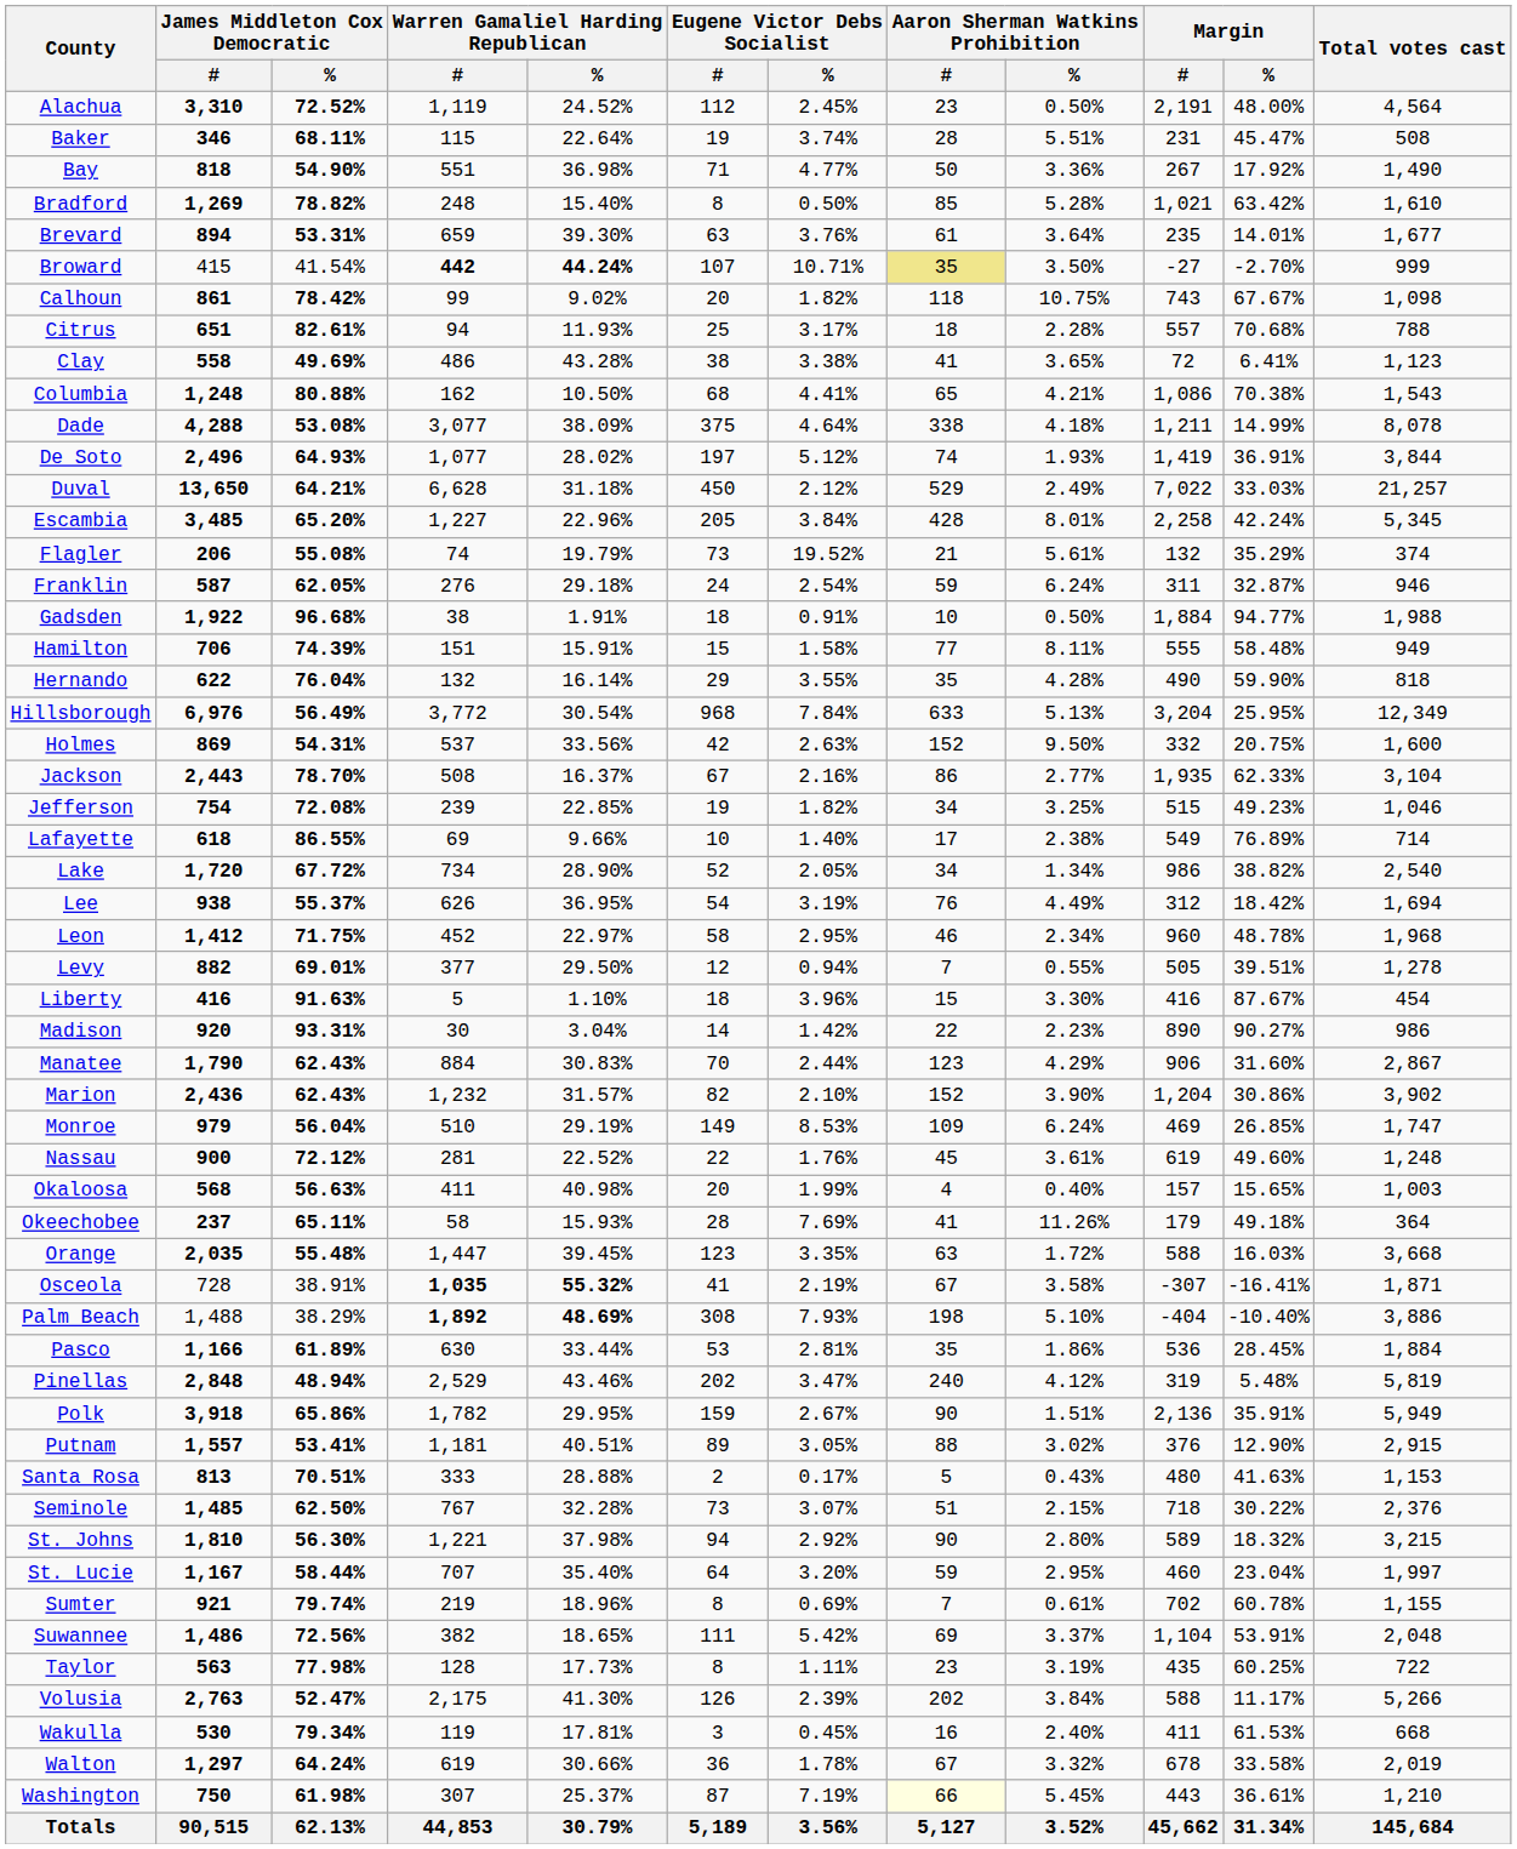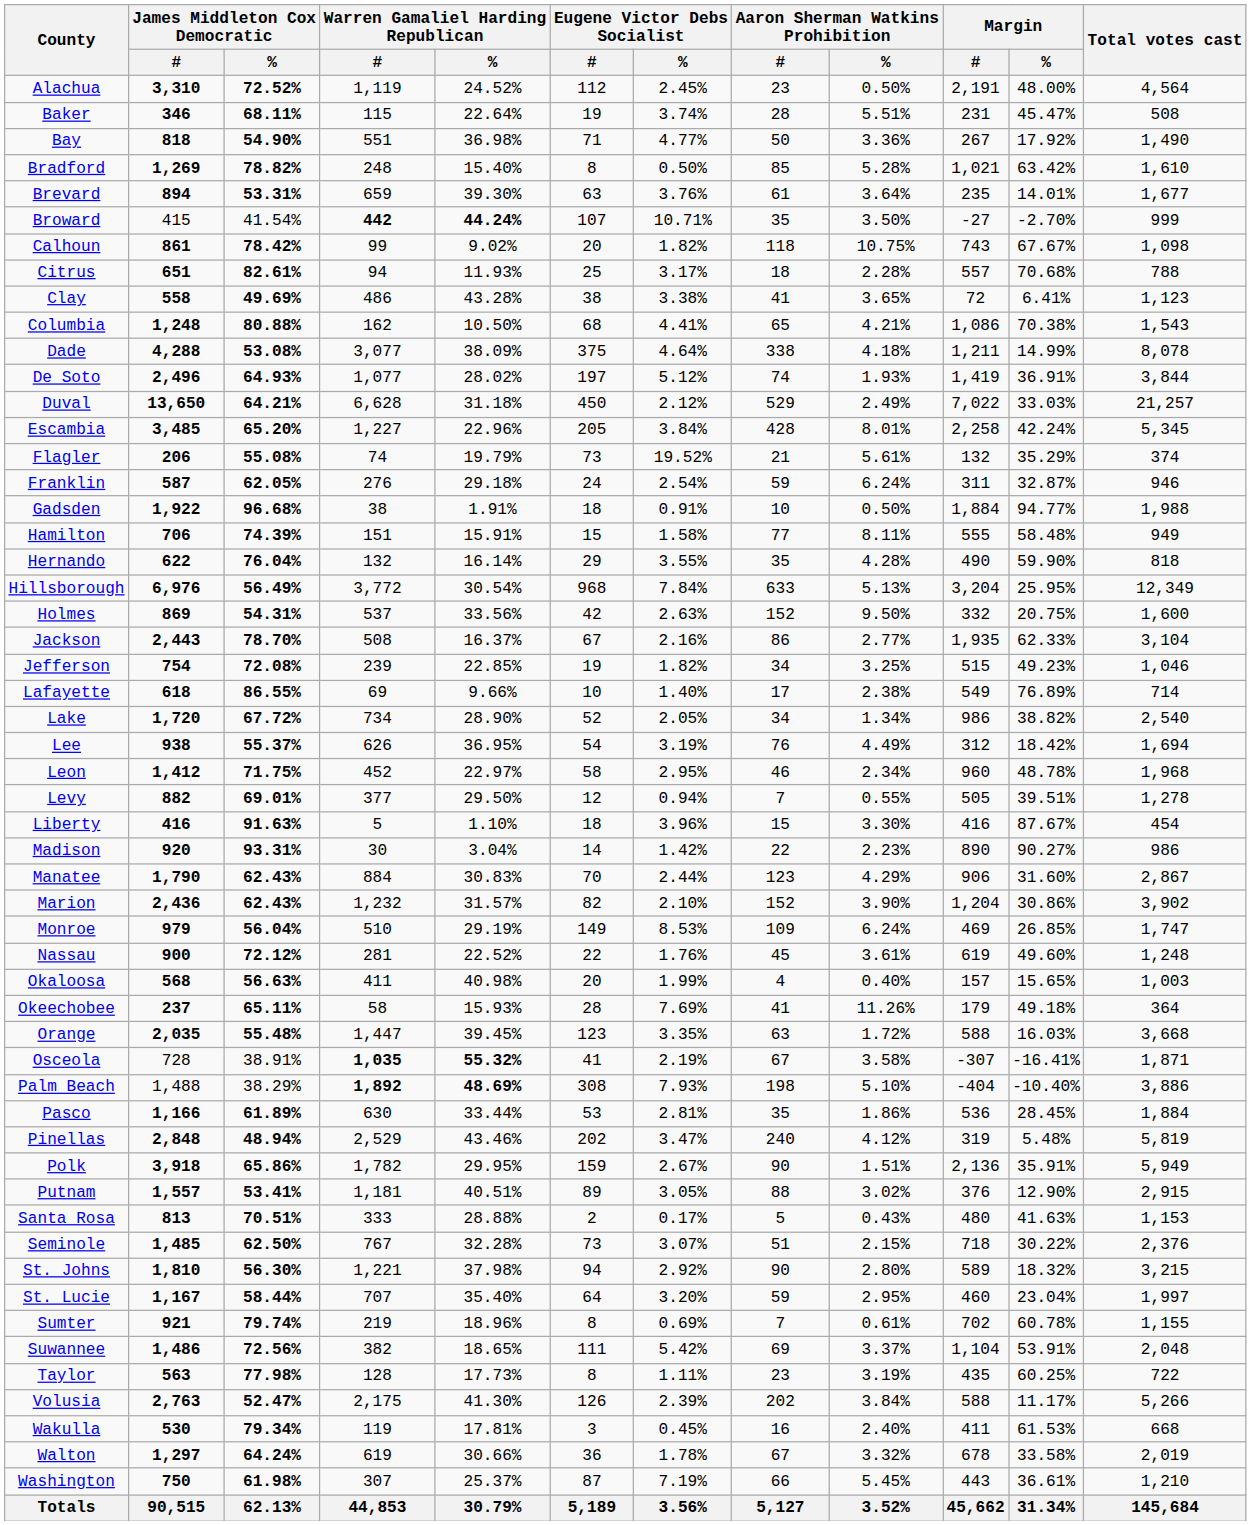 <table class="wikitable sortable">
 <tr>
 <th rowspan="2">County</th>
 <th colspan="2">James Middleton Cox<br>Democratic</th>
 <th colspan="2">Warren Gamaliel Harding<br>Republican</th>
 <th colspan="2">Eugene Victor Debs<br>Socialist</th>
 <th colspan="2">Aaron Sherman Watkins<br>Prohibition</th>
 <th colspan="2">Margin</th>
 <th rowspan="2">Total votes cast</th>
 </tr>
 <tr bgcolor="lightgrey">
 <th data-sort-type="number">#</th>
 <th data-sort-type="number">%</th>
 <th data-sort-type="number">#</th>
 <th data-sort-type="number">%</th>
 <th data-sort-type="number">#</th>
 <th data-sort-type="number">%</th>
 <th data-sort-type="number">#</th>
 <th data-sort-type="number">%</th>
 <th data-sort-type="number">#</th>
 <th data-sort-type="number">%</th>
 </tr>
 <tr style="text-align:center;">
 <td><a href='#'>Alachua</a></td>
 <td><strong>3,310</strong></td>
 <td><strong>72.52%</strong></td>
 <td>1,119</td>
 <td>24.52%</td>
 <td>112</td>
 <td>2.45%</td>
 <td>23</td>
 <td>0.50%</td>
 <td>2,191</td>
 <td>48.00%</td>
 <td>4,564</td>
 </tr>
 <tr style="text-align:center;">
 <td><a href='#'>Baker</a></td>
 <td><strong>346</strong></td>
 <td><strong>68.11%</strong></td>
 <td>115</td>
 <td>22.64%</td>
 <td>19</td>
 <td>3.74%</td>
 <td>28</td>
 <td>5.51%</td>
 <td>231</td>
 <td>45.47%</td>
 <td>508</td>
 </tr>
 <tr style="text-align:center;">
 <td><a href='#'>Bay</a></td>
 <td><strong>818</strong></td>
 <td><strong>54.90%</strong></td>
 <td>551</td>
 <td>36.98%</td>
 <td>71</td>
 <td>4.77%</td>
 <td>50</td>
 <td>3.36%</td>
 <td>267</td>
 <td>17.92%</td>
 <td>1,490</td>
 </tr>
 <tr style="text-align:center;">
 <td><a href='#'>Bradford</a></td>
 <td><strong>1,269</strong></td>
 <td><strong>78.82%</strong></td>
 <td>248</td>
 <td>15.40%</td>
 <td>8</td>
 <td>0.50%</td>
 <td>85</td>
 <td>5.28%</td>
 <td>1,021</td>
 <td>63.42%</td>
 <td>1,610</td>
 </tr>
 <tr style="text-align:center;">
 <td><a href='#'>Brevard</a></td>
 <td><strong>894</strong></td>
 <td><strong>53.31%</strong></td>
 <td>659</td>
 <td>39.30%</td>
 <td>63</td>
 <td>3.76%</td>
 <td>61</td>
 <td>3.64%</td>
 <td>235</td>
 <td>14.01%</td>
 <td>1,677</td>
 </tr>
 <tr style="text-align:center;">
 <td><a href='#'>Broward</a></td>
 <td>415</td>
 <td>41.54%</td>
 <td><strong>442</strong></td>
 <td><strong>44.24%</strong></td>
 <td>107</td>
 <td>10.71%</td>
-<td style="background: khaki;">35</td>
+<td>35</td>
 <td>3.50%</td>
 <td>-27</td>
 <td>-2.70%</td>
 <td>999</td>
 </tr>
 <tr style="text-align:center;">
 <td><a href='#'>Calhoun</a></td>
 <td><strong>861</strong></td>
 <td><strong>78.42%</strong></td>
 <td>99</td>
 <td>9.02%</td>
 <td>20</td>
 <td>1.82%</td>
 <td>118</td>
 <td>10.75%</td>
 <td>743</td>
 <td>67.67%</td>
 <td>1,098</td>
 </tr>
 <tr style="text-align:center;">
 <td><a href='#'>Citrus</a></td>
 <td><strong>651</strong></td>
 <td><strong>82.61%</strong></td>
 <td>94</td>
 <td>11.93%</td>
 <td>25</td>
 <td>3.17%</td>
 <td>18</td>
 <td>2.28%</td>
 <td>557</td>
 <td>70.68%</td>
 <td>788</td>
 </tr>
 <tr style="text-align:center;">
 <td><a href='#'>Clay</a></td>
 <td><strong>558</strong></td>
 <td><strong>49.69%</strong></td>
 <td>486</td>
 <td>43.28%</td>
 <td>38</td>
 <td>3.38%</td>
 <td>41</td>
 <td>3.65%</td>
 <td>72</td>
 <td>6.41%</td>
 <td>1,123</td>
 </tr>
 <tr style="text-align:center;">
 <td><a href='#'>Columbia</a></td>
 <td><strong>1,248</strong></td>
 <td><strong>80.88%</strong></td>
 <td>162</td>
 <td>10.50%</td>
 <td>68</td>
 <td>4.41%</td>
 <td>65</td>
 <td>4.21%</td>
 <td>1,086</td>
 <td>70.38%</td>
 <td>1,543</td>
 </tr>
 <tr style="text-align:center;">
 <td><a href='#'>Dade</a></td>
 <td><strong>4,288</strong></td>
 <td><strong>53.08%</strong></td>
 <td>3,077</td>
 <td>38.09%</td>
 <td>375</td>
 <td>4.64%</td>
 <td>338</td>
 <td>4.18%</td>
 <td>1,211</td>
 <td>14.99%</td>
 <td>8,078</td>
 </tr>
 <tr style="text-align:center;">
 <td><a href='#'>De Soto</a></td>
 <td><strong>2,496</strong></td>
 <td><strong>64.93%</strong></td>
 <td>1,077</td>
 <td>28.02%</td>
 <td>197</td>
 <td>5.12%</td>
 <td>74</td>
 <td>1.93%</td>
 <td>1,419</td>
 <td>36.91%</td>
 <td>3,844</td>
 </tr>
 <tr style="text-align:center;">
 <td><a href='#'>Duval</a></td>
 <td><strong>13,650</strong></td>
 <td><strong>64.21%</strong></td>
 <td>6,628</td>
 <td>31.18%</td>
 <td>450</td>
 <td>2.12%</td>
 <td>529</td>
 <td>2.49%</td>
 <td>7,022</td>
 <td>33.03%</td>
 <td>21,257</td>
 </tr>
 <tr style="text-align:center;">
 <td><a href='#'>Escambia</a></td>
 <td><strong>3,485</strong></td>
 <td><strong>65.20%</strong></td>
 <td>1,227</td>
 <td>22.96%</td>
 <td>205</td>
 <td>3.84%</td>
 <td>428</td>
 <td>8.01%</td>
 <td>2,258</td>
 <td>42.24%</td>
 <td>5,345</td>
 </tr>
 <tr style="text-align:center;">
 <td><a href='#'>Flagler</a></td>
 <td><strong>206</strong></td>
 <td><strong>55.08%</strong></td>
 <td>74</td>
 <td>19.79%</td>
 <td>73</td>
 <td>19.52%</td>
 <td>21</td>
 <td>5.61%</td>
 <td>132</td>
 <td>35.29%</td>
 <td>374</td>
 </tr>
 <tr style="text-align:center;">
 <td><a href='#'>Franklin</a></td>
 <td><strong>587</strong></td>
 <td><strong>62.05%</strong></td>
 <td>276</td>
 <td>29.18%</td>
 <td>24</td>
 <td>2.54%</td>
 <td>59</td>
 <td>6.24%</td>
 <td>311</td>
 <td>32.87%</td>
 <td>946</td>
 </tr>
 <tr style="text-align:center;">
 <td><a href='#'>Gadsden</a></td>
 <td><strong>1,922</strong></td>
 <td><strong>96.68%</strong></td>
 <td>38</td>
 <td>1.91%</td>
 <td>18</td>
 <td>0.91%</td>
 <td>10</td>
 <td>0.50%</td>
 <td>1,884</td>
 <td>94.77%</td>
 <td>1,988</td>
 </tr>
 <tr style="text-align:center;">
 <td><a href='#'>Hamilton</a></td>
 <td><strong>706</strong></td>
 <td><strong>74.39%</strong></td>
 <td>151</td>
 <td>15.91%</td>
 <td>15</td>
 <td>1.58%</td>
 <td>77</td>
 <td>8.11%</td>
 <td>555</td>
 <td>58.48%</td>
 <td>949</td>
 </tr>
 <tr style="text-align:center;">
 <td><a href='#'>Hernando</a></td>
 <td><strong>622</strong></td>
 <td><strong>76.04%</strong></td>
 <td>132</td>
 <td>16.14%</td>
 <td>29</td>
 <td>3.55%</td>
 <td>35</td>
 <td>4.28%</td>
 <td>490</td>
 <td>59.90%</td>
 <td>818</td>
 </tr>
 <tr style="text-align:center;">
 <td><a href='#'>Hillsborough</a></td>
 <td><strong>6,976</strong></td>
 <td><strong>56.49%</strong></td>
 <td>3,772</td>
 <td>30.54%</td>
 <td>968</td>
 <td>7.84%</td>
 <td>633</td>
 <td>5.13%</td>
 <td>3,204</td>
 <td>25.95%</td>
 <td>12,349</td>
 </tr>
 <tr style="text-align:center;">
 <td><a href='#'>Holmes</a></td>
 <td><strong>869</strong></td>
 <td><strong>54.31%</strong></td>
 <td>537</td>
 <td>33.56%</td>
 <td>42</td>
 <td>2.63%</td>
 <td>152</td>
 <td>9.50%</td>
 <td>332</td>
 <td>20.75%</td>
 <td>1,600</td>
 </tr>
 <tr style="text-align:center;">
 <td><a href='#'>Jackson</a></td>
 <td><strong>2,443</strong></td>
 <td><strong>78.70%</strong></td>
 <td>508</td>
 <td>16.37%</td>
 <td>67</td>
 <td>2.16%</td>
 <td>86</td>
 <td>2.77%</td>
 <td>1,935</td>
 <td>62.33%</td>
 <td>3,104</td>
 </tr>
 <tr style="text-align:center;">
 <td><a href='#'>Jefferson</a></td>
 <td><strong>754</strong></td>
 <td><strong>72.08%</strong></td>
 <td>239</td>
 <td>22.85%</td>
 <td>19</td>
 <td>1.82%</td>
 <td>34</td>
 <td>3.25%</td>
 <td>515</td>
 <td>49.23%</td>
 <td>1,046</td>
 </tr>
 <tr style="text-align:center;">
 <td><a href='#'>Lafayette</a></td>
 <td><strong>618</strong></td>
 <td><strong>86.55%</strong></td>
 <td>69</td>
 <td>9.66%</td>
 <td>10</td>
 <td>1.40%</td>
 <td>17</td>
 <td>2.38%</td>
 <td>549</td>
 <td>76.89%</td>
 <td>714</td>
 </tr>
 <tr style="text-align:center;">
 <td><a href='#'>Lake</a></td>
 <td><strong>1,720</strong></td>
 <td><strong>67.72%</strong></td>
 <td>734</td>
 <td>28.90%</td>
 <td>52</td>
 <td>2.05%</td>
 <td>34</td>
 <td>1.34%</td>
 <td>986</td>
 <td>38.82%</td>
 <td>2,540</td>
 </tr>
 <tr style="text-align:center;">
 <td><a href='#'>Lee</a></td>
 <td><strong>938</strong></td>
 <td><strong>55.37%</strong></td>
 <td>626</td>
 <td>36.95%</td>
 <td>54</td>
 <td>3.19%</td>
 <td>76</td>
 <td>4.49%</td>
 <td>312</td>
 <td>18.42%</td>
 <td>1,694</td>
 </tr>
 <tr style="text-align:center;">
 <td><a href='#'>Leon</a></td>
 <td><strong>1,412</strong></td>
 <td><strong>71.75%</strong></td>
 <td>452</td>
 <td>22.97%</td>
 <td>58</td>
 <td>2.95%</td>
 <td>46</td>
 <td>2.34%</td>
 <td>960</td>
 <td>48.78%</td>
 <td>1,968</td>
 </tr>
 <tr style="text-align:center;">
 <td><a href='#'>Levy</a></td>
 <td><strong>882</strong></td>
 <td><strong>69.01%</strong></td>
 <td>377</td>
 <td>29.50%</td>
 <td>12</td>
 <td>0.94%</td>
 <td>7</td>
 <td>0.55%</td>
 <td>505</td>
 <td>39.51%</td>
 <td>1,278</td>
 </tr>
 <tr style="text-align:center;">
 <td><a href='#'>Liberty</a></td>
 <td><strong>416</strong></td>
 <td><strong>91.63%</strong></td>
 <td>5</td>
 <td>1.10%</td>
 <td>18</td>
 <td>3.96%</td>
 <td>15</td>
 <td>3.30%</td>
 <td>416</td>
 <td>87.67%</td>
 <td>454</td>
 </tr>
 <tr style="text-align:center;">
 <td><a href='#'>Madison</a></td>
 <td><strong>920</strong></td>
 <td><strong>93.31%</strong></td>
 <td>30</td>
 <td>3.04%</td>
 <td>14</td>
 <td>1.42%</td>
 <td>22</td>
 <td>2.23%</td>
 <td>890</td>
 <td>90.27%</td>
 <td>986</td>
 </tr>
 <tr style="text-align:center;">
 <td><a href='#'>Manatee</a></td>
 <td><strong>1,790</strong></td>
 <td><strong>62.43%</strong></td>
 <td>884</td>
 <td>30.83%</td>
 <td>70</td>
 <td>2.44%</td>
 <td>123</td>
 <td>4.29%</td>
 <td>906</td>
 <td>31.60%</td>
 <td>2,867</td>
 </tr>
 <tr style="text-align:center;">
 <td><a href='#'>Marion</a></td>
 <td><strong>2,436</strong></td>
 <td><strong>62.43%</strong></td>
 <td>1,232</td>
 <td>31.57%</td>
 <td>82</td>
 <td>2.10%</td>
 <td>152</td>
 <td>3.90%</td>
 <td>1,204</td>
 <td>30.86%</td>
 <td>3,902</td>
 </tr>
 <tr style="text-align:center;">
 <td><a href='#'>Monroe</a></td>
 <td><strong>979</strong></td>
 <td><strong>56.04%</strong></td>
 <td>510</td>
 <td>29.19%</td>
 <td>149</td>
 <td>8.53%</td>
 <td>109</td>
 <td>6.24%</td>
 <td>469</td>
 <td>26.85%</td>
 <td>1,747</td>
 </tr>
 <tr style="text-align:center;">
 <td><a href='#'>Nassau</a></td>
 <td><strong>900</strong></td>
 <td><strong>72.12%</strong></td>
 <td>281</td>
 <td>22.52%</td>
 <td>22</td>
 <td>1.76%</td>
 <td>45</td>
 <td>3.61%</td>
 <td>619</td>
 <td>49.60%</td>
 <td>1,248</td>
 </tr>
 <tr style="text-align:center;">
 <td><a href='#'>Okaloosa</a></td>
 <td><strong>568</strong></td>
 <td><strong>56.63%</strong></td>
 <td>411</td>
 <td>40.98%</td>
 <td>20</td>
 <td>1.99%</td>
 <td>4</td>
 <td>0.40%</td>
 <td>157</td>
 <td>15.65%</td>
 <td>1,003</td>
 </tr>
 <tr style="text-align:center;">
 <td><a href='#'>Okeechobee</a></td>
 <td><strong>237</strong></td>
 <td><strong>65.11%</strong></td>
 <td>58</td>
 <td>15.93%</td>
 <td>28</td>
 <td>7.69%</td>
 <td>41</td>
 <td>11.26%</td>
 <td>179</td>
 <td>49.18%</td>
 <td>364</td>
 </tr>
 <tr style="text-align:center;">
 <td><a href='#'>Orange</a></td>
 <td><strong>2,035</strong></td>
 <td><strong>55.48%</strong></td>
 <td>1,447</td>
 <td>39.45%</td>
 <td>123</td>
 <td>3.35%</td>
 <td>63</td>
 <td>1.72%</td>
 <td>588</td>
 <td>16.03%</td>
 <td>3,668</td>
 </tr>
 <tr style="text-align:center;">
 <td><a href='#'>Osceola</a></td>
 <td>728</td>
 <td>38.91%</td>
 <td><strong>1,035</strong></td>
 <td><strong>55.32%</strong></td>
 <td>41</td>
 <td>2.19%</td>
 <td>67</td>
 <td>3.58%</td>
 <td>-307</td>
 <td>-16.41%</td>
 <td>1,871</td>
 </tr>
 <tr style="text-align:center;">
 <td><a href='#'>Palm Beach</a></td>
 <td>1,488</td>
 <td>38.29%</td>
 <td><strong>1,892</strong></td>
 <td><strong>48.69%</strong></td>
 <td>308</td>
 <td>7.93%</td>
 <td>198</td>
 <td>5.10%</td>
 <td>-404</td>
 <td>-10.40%</td>
 <td>3,886</td>
 </tr>
 <tr style="text-align:center;">
 <td><a href='#'>Pasco</a></td>
 <td><strong>1,166</strong></td>
 <td><strong>61.89%</strong></td>
 <td>630</td>
 <td>33.44%</td>
 <td>53</td>
 <td>2.81%</td>
 <td>35</td>
 <td>1.86%</td>
 <td>536</td>
 <td>28.45%</td>
 <td>1,884</td>
 </tr>
 <tr style="text-align:center;">
 <td><a href='#'>Pinellas</a></td>
 <td><strong>2,848</strong></td>
 <td><strong>48.94%</strong></td>
 <td>2,529</td>
 <td>43.46%</td>
 <td>202</td>
 <td>3.47%</td>
 <td>240</td>
 <td>4.12%</td>
 <td>319</td>
 <td>5.48%</td>
 <td>5,819</td>
 </tr>
 <tr style="text-align:center;">
 <td><a href='#'>Polk</a></td>
 <td><strong>3,918</strong></td>
 <td><strong>65.86%</strong></td>
 <td>1,782</td>
 <td>29.95%</td>
 <td>159</td>
 <td>2.67%</td>
 <td>90</td>
 <td>1.51%</td>
 <td>2,136</td>
 <td>35.91%</td>
 <td>5,949</td>
 </tr>
 <tr style="text-align:center;">
 <td><a href='#'>Putnam</a></td>
 <td><strong>1,557</strong></td>
 <td><strong>53.41%</strong></td>
 <td>1,181</td>
 <td>40.51%</td>
 <td>89</td>
 <td>3.05%</td>
 <td>88</td>
 <td>3.02%</td>
 <td>376</td>
 <td>12.90%</td>
 <td>2,915</td>
 </tr>
 <tr style="text-align:center;">
 <td><a href='#'>Santa Rosa</a></td>
 <td><strong>813</strong></td>
 <td><strong>70.51%</strong></td>
 <td>333</td>
 <td>28.88%</td>
 <td>2</td>
 <td>0.17%</td>
 <td>5</td>
 <td>0.43%</td>
 <td>480</td>
 <td>41.63%</td>
 <td>1,153</td>
 </tr>
 <tr style="text-align:center;">
 <td><a href='#'>Seminole</a></td>
 <td><strong>1,485</strong></td>
 <td><strong>62.50%</strong></td>
 <td>767</td>
 <td>32.28%</td>
 <td>73</td>
 <td>3.07%</td>
 <td>51</td>
 <td>2.15%</td>
 <td>718</td>
 <td>30.22%</td>
 <td>2,376</td>
 </tr>
 <tr style="text-align:center;">
 <td><a href='#'>St. Johns</a></td>
 <td><strong>1,810</strong></td>
 <td><strong>56.30%</strong></td>
 <td>1,221</td>
 <td>37.98%</td>
 <td>94</td>
 <td>2.92%</td>
 <td>90</td>
 <td>2.80%</td>
 <td>589</td>
 <td>18.32%</td>
 <td>3,215</td>
 </tr>
 <tr style="text-align:center;">
 <td><a href='#'>St. Lucie</a></td>
 <td><strong>1,167</strong></td>
 <td><strong>58.44%</strong></td>
 <td>707</td>
 <td>35.40%</td>
 <td>64</td>
 <td>3.20%</td>
 <td>59</td>
 <td>2.95%</td>
 <td>460</td>
 <td>23.04%</td>
 <td>1,997</td>
 </tr>
 <tr style="text-align:center;">
 <td><a href='#'>Sumter</a></td>
 <td><strong>921</strong></td>
 <td><strong>79.74%</strong></td>
 <td>219</td>
 <td>18.96%</td>
 <td>8</td>
 <td>0.69%</td>
 <td>7</td>
 <td>0.61%</td>
 <td>702</td>
 <td>60.78%</td>
 <td>1,155</td>
 </tr>
 <tr style="text-align:center;">
 <td><a href='#'>Suwannee</a></td>
 <td><strong>1,486</strong></td>
 <td><strong>72.56%</strong></td>
 <td>382</td>
 <td>18.65%</td>
 <td>111</td>
 <td>5.42%</td>
 <td>69</td>
 <td>3.37%</td>
 <td>1,104</td>
 <td>53.91%</td>
 <td>2,048</td>
 </tr>
 <tr style="text-align:center;">
 <td><a href='#'>Taylor</a></td>
 <td><strong>563</strong></td>
 <td><strong>77.98%</strong></td>
 <td>128</td>
 <td>17.73%</td>
 <td>8</td>
 <td>1.11%</td>
 <td>23</td>
 <td>3.19%</td>
 <td>435</td>
 <td>60.25%</td>
 <td>722</td>
 </tr>
 <tr style="text-align:center;">
 <td><a href='#'>Volusia</a></td>
 <td><strong>2,763</strong></td>
 <td><strong>52.47%</strong></td>
 <td>2,175</td>
 <td>41.30%</td>
 <td>126</td>
 <td>2.39%</td>
 <td>202</td>
 <td>3.84%</td>
 <td>588</td>
 <td>11.17%</td>
 <td>5,266</td>
 </tr>
 <tr style="text-align:center;">
 <td><a href='#'>Wakulla</a></td>
 <td><strong>530</strong></td>
 <td><strong>79.34%</strong></td>
 <td>119</td>
 <td>17.81%</td>
 <td>3</td>
 <td>0.45%</td>
 <td>16</td>
 <td>2.40%</td>
 <td>411</td>
 <td>61.53%</td>
 <td>668</td>
 </tr>
 <tr style="text-align:center;">
 <td><a href='#'>Walton</a></td>
 <td><strong>1,297</strong></td>
 <td><strong>64.24%</strong></td>
 <td>619</td>
 <td>30.66%</td>
 <td>36</td>
 <td>1.78%</td>
 <td>67</td>
 <td>3.32%</td>
 <td>678</td>
 <td>33.58%</td>
 <td>2,019</td>
 </tr>
 <tr style="text-align:center;">
 <td><a href='#'>Washington</a></td>
 <td><strong>750</strong></td>
 <td><strong>61.98%</strong></td>
 <td>307</td>
 <td>25.37%</td>
 <td>87</td>
 <td>7.19%</td>
-<td style="background: lightyellow;">66</td>
+<td>66</td>
 <td>5.45%</td>
 <td>443</td>
 <td>36.61%</td>
 <td>1,210</td>
 </tr>
 <tr style="text-align:center;">
 <th>Totals</th>
 <th>90,515</th>
 <th>62.13%</th>
 <th>44,853</th>
 <th>30.79%</th>
 <th>5,189</th>
 <th>3.56%</th>
 <th>5,127</th>
 <th>3.52%</th>
 <th>45,662</th>
 <th>31.34%</th>
 <th>145,684</th>
 </tr>
 </table>
